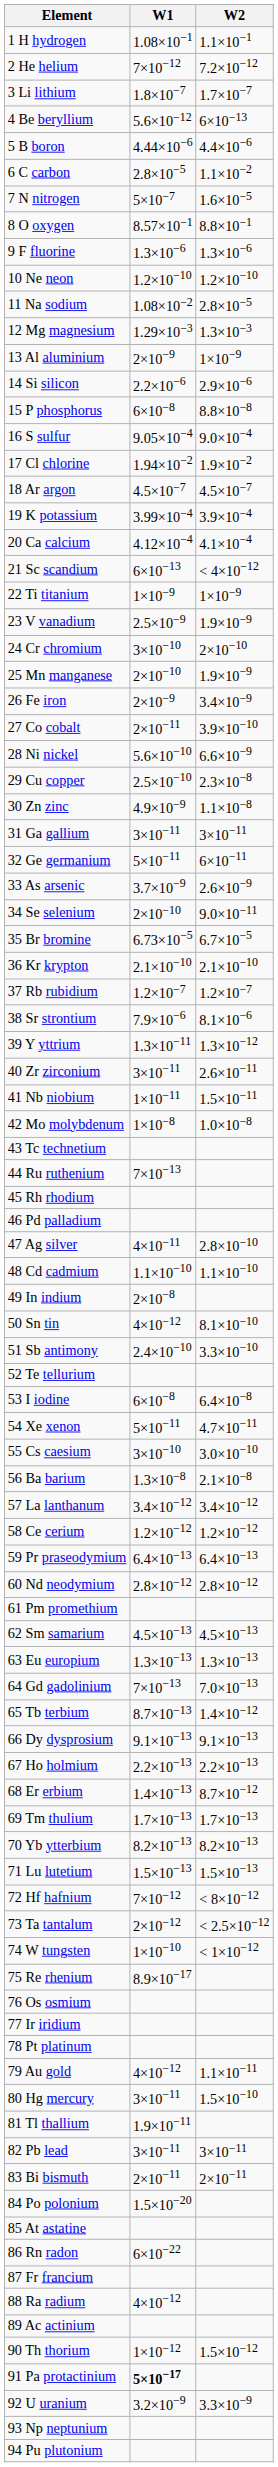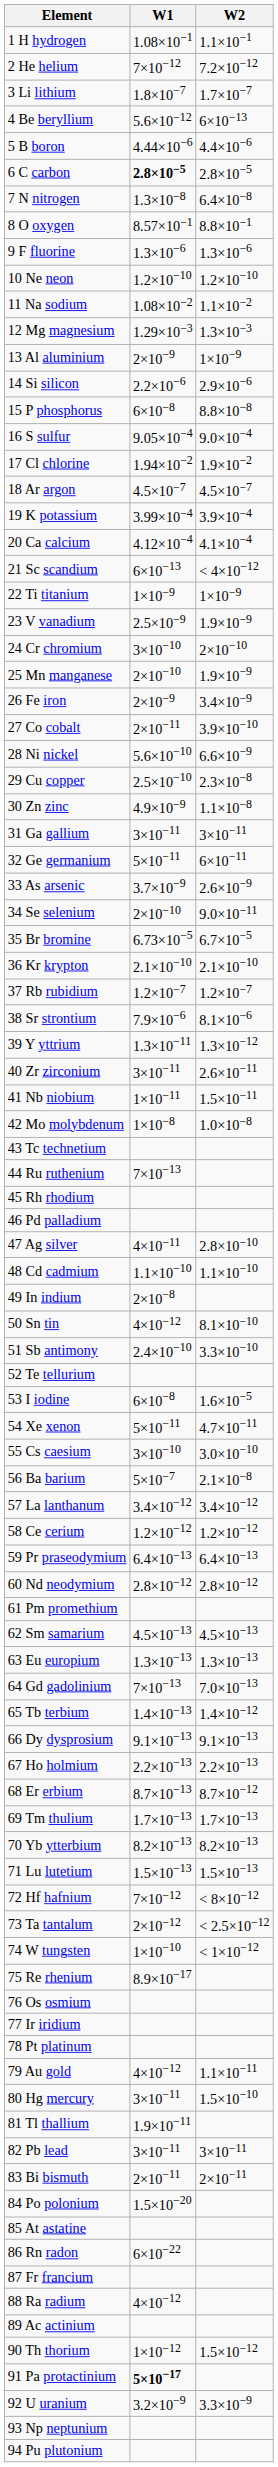 <table class="wikitable sortable" style="white-space:nowrap">
 <tr>
 <th>Element</th>
 <th data-sort-type="number">W1</th>
 <th data-sort-type="number">W2</th>
 </tr>
 <tr>
 <td> 1 H <a href='#'>hydrogen</a></td>
 <td>1.08×10<sup>−1</sup></td>
 <td>1.1×10<sup>−1</sup></td>
 </tr>
 <tr>
 <td> 2 He <a href='#'>helium</a></td>
 <td>7×10<sup>−12</sup></td>
 <td>7.2×10<sup>−12</sup></td>
 </tr>
 <tr>
 <td> 3 Li <a href='#'>lithium</a></td>
 <td>1.8×10<sup>−7</sup></td>
 <td>1.7×10<sup>−7</sup></td>
 </tr>
 <tr>
 <td> 4 Be <a href='#'>beryllium</a></td>
 <td>5.6×10<sup>−12</sup></td>
 <td>6×10<sup>−13</sup></td>
 </tr>
 <tr>
 <td> 5 B <a href='#'>boron</a></td>
 <td>4.44×10<sup>−6</sup></td>
 <td>4.4×10<sup>−6</sup></td>
 </tr>
 <tr>
 <td> 6 C <a href='#'>carbon</a></td>
+<td><strong>2.8×10<sup>−5</sup></strong></td>
 <td>2.8×10<sup>−5</sup></td>
-<td>1.1×10<sup>−2</sup></td>
 </tr>
 <tr>
 <td> 7 N <a href='#'>nitrogen</a></td>
-<td>5×10<sup>−7</sup></td>
-<td>1.6×10<sup>−5</sup></td>
+<td>1.3×10<sup>−8</sup></td>
+<td>6.4×10<sup>−8</sup></td>
 </tr>
 <tr>
 <td> 8 O <a href='#'>oxygen</a></td>
 <td>8.57×10<sup>−1</sup></td>
 <td>8.8×10<sup>−1</sup></td>
 </tr>
 <tr>
 <td> 9 F <a href='#'>fluorine</a></td>
 <td>1.3×10<sup>−6</sup></td>
 <td>1.3×10<sup>−6</sup></td>
 </tr>
 <tr>
 <td> 10 Ne <a href='#'>neon</a></td>
 <td>1.2×10<sup>−10</sup></td>
 <td>1.2×10<sup>−10</sup></td>
 </tr>
 <tr>
 <td> 11 Na <a href='#'>sodium</a></td>
 <td>1.08×10<sup>−2</sup></td>
-<td>2.8×10<sup>−5</sup></td>
+<td>1.1×10<sup>−2</sup></td>
 </tr>
 <tr>
 <td> 12 Mg <a href='#'>magnesium</a></td>
 <td>1.29×10<sup>−3</sup></td>
 <td>1.3×10<sup>−3</sup></td>
 </tr>
 <tr>
 <td> 13 Al <a href='#'>aluminium</a></td>
 <td>2×10<sup>−9</sup></td>
 <td>1×10<sup>−9</sup></td>
 </tr>
 <tr>
 <td> 14 Si <a href='#'>silicon</a></td>
 <td>2.2×10<sup>−6</sup></td>
 <td>2.9×10<sup>−6</sup></td>
 </tr>
 <tr>
 <td> 15 P <a href='#'>phosphorus</a></td>
 <td>6×10<sup>−8</sup></td>
 <td>8.8×10<sup>−8</sup></td>
 </tr>
 <tr>
 <td> 16 S <a href='#'>sulfur</a></td>
 <td>9.05×10<sup>−4</sup></td>
 <td>9.0×10<sup>−4</sup></td>
 </tr>
 <tr>
 <td> 17 Cl <a href='#'>chlorine</a></td>
 <td>1.94×10<sup>−2</sup></td>
 <td>1.9×10<sup>−2</sup></td>
 </tr>
 <tr>
 <td> 18 Ar <a href='#'>argon</a></td>
 <td>4.5×10<sup>−7</sup></td>
 <td>4.5×10<sup>−7</sup></td>
 </tr>
 <tr>
 <td> 19 K <a href='#'>potassium</a></td>
 <td>3.99×10<sup>−4</sup></td>
 <td>3.9×10<sup>−4</sup></td>
 </tr>
 <tr>
 <td> 20 Ca <a href='#'>calcium</a></td>
 <td>4.12×10<sup>−4</sup></td>
 <td>4.1×10<sup>−4</sup></td>
 </tr>
 <tr>
 <td> 21 Sc <a href='#'>scandium</a></td>
 <td>6×10<sup>−13</sup></td>
 <td>< 4×10<sup>−12</sup></td>
 </tr>
 <tr>
 <td> 22 Ti <a href='#'>titanium</a></td>
 <td>1×10<sup>−9</sup></td>
 <td>1×10<sup>−9</sup></td>
 </tr>
 <tr>
 <td> 23 V <a href='#'>vanadium</a></td>
 <td>2.5×10<sup>−9</sup></td>
 <td>1.9×10<sup>−9</sup></td>
 </tr>
 <tr>
 <td> 24 Cr <a href='#'>chromium</a></td>
 <td>3×10<sup>−10</sup></td>
 <td>2×10<sup>−10</sup></td>
 </tr>
 <tr>
 <td> 25 Mn <a href='#'>manganese</a></td>
 <td>2×10<sup>−10</sup></td>
 <td>1.9×10<sup>−9</sup></td>
 </tr>
 <tr>
 <td> 26 Fe <a href='#'>iron</a></td>
 <td>2×10<sup>−9</sup></td>
 <td>3.4×10<sup>−9</sup></td>
 </tr>
 <tr>
 <td> 27 Co <a href='#'>cobalt</a></td>
 <td>2×10<sup>−11</sup></td>
 <td>3.9×10<sup>−10</sup></td>
 </tr>
 <tr>
 <td> 28 Ni <a href='#'>nickel</a></td>
 <td>5.6×10<sup>−10</sup></td>
 <td>6.6×10<sup>−9</sup></td>
 </tr>
 <tr>
 <td> 29 Cu <a href='#'>copper</a></td>
 <td>2.5×10<sup>−10</sup></td>
 <td>2.3×10<sup>−8</sup></td>
 </tr>
 <tr>
 <td> 30 Zn <a href='#'>zinc</a></td>
 <td>4.9×10<sup>−9</sup></td>
 <td>1.1×10<sup>−8</sup></td>
 </tr>
 <tr>
 <td> 31 Ga <a href='#'>gallium</a></td>
 <td>3×10<sup>−11</sup></td>
 <td>3×10<sup>−11</sup></td>
 </tr>
 <tr>
 <td> 32 Ge <a href='#'>germanium</a></td>
 <td>5×10<sup>−11</sup></td>
 <td>6×10<sup>−11</sup></td>
 </tr>
 <tr>
 <td> 33 As <a href='#'>arsenic</a></td>
 <td>3.7×10<sup>−9</sup></td>
 <td>2.6×10<sup>−9</sup></td>
 </tr>
 <tr>
 <td> 34 Se <a href='#'>selenium</a></td>
 <td>2×10<sup>−10</sup></td>
 <td>9.0×10<sup>−11</sup></td>
 </tr>
 <tr>
 <td> 35 Br <a href='#'>bromine</a></td>
 <td>6.73×10<sup>−5</sup></td>
 <td>6.7×10<sup>−5</sup></td>
 </tr>
 <tr>
 <td> 36 Kr <a href='#'>krypton</a></td>
 <td>2.1×10<sup>−10</sup></td>
 <td>2.1×10<sup>−10</sup></td>
 </tr>
 <tr>
 <td> 37 Rb <a href='#'>rubidium</a></td>
 <td>1.2×10<sup>−7</sup></td>
 <td>1.2×10<sup>−7</sup></td>
 </tr>
 <tr>
 <td> 38 Sr <a href='#'>strontium</a></td>
 <td>7.9×10<sup>−6</sup></td>
 <td>8.1×10<sup>−6</sup></td>
 </tr>
 <tr>
 <td> 39 Y <a href='#'>yttrium</a></td>
 <td>1.3×10<sup>−11</sup></td>
 <td>1.3×10<sup>−12</sup></td>
 </tr>
 <tr>
 <td> 40 Zr <a href='#'>zirconium</a></td>
 <td>3×10<sup>−11</sup></td>
 <td>2.6×10<sup>−11</sup></td>
 </tr>
 <tr>
 <td> 41 Nb <a href='#'>niobium</a></td>
 <td>1×10<sup>−11</sup></td>
 <td>1.5×10<sup>−11</sup></td>
 </tr>
 <tr>
 <td> 42 Mo <a href='#'>molybdenum</a></td>
 <td>1×10<sup>−8</sup></td>
 <td>1.0×10<sup>−8</sup></td>
 </tr>
 <tr>
 <td> 43 Tc <a href='#'>technetium</a></td>
 <td></td>
 <td></td>
 </tr>
 <tr>
 <td> 44 Ru <a href='#'>ruthenium</a></td>
 <td>7×10<sup>−13</sup></td>
 <td></td>
 </tr>
 <tr>
 <td> 45 Rh <a href='#'>rhodium</a></td>
 <td></td>
 <td></td>
 </tr>
 <tr>
 <td> 46 Pd <a href='#'>palladium</a></td>
 <td></td>
 <td></td>
 </tr>
 <tr>
 <td> 47 Ag <a href='#'>silver</a></td>
 <td>4×10<sup>−11</sup></td>
 <td>2.8×10<sup>−10</sup></td>
 </tr>
 <tr>
 <td> 48 Cd <a href='#'>cadmium</a></td>
 <td>1.1×10<sup>−10</sup></td>
 <td>1.1×10<sup>−10</sup></td>
 </tr>
 <tr>
 <td> 49 In <a href='#'>indium</a></td>
 <td>2×10<sup>−8</sup></td>
 <td></td>
 </tr>
 <tr>
 <td> 50 Sn <a href='#'>tin</a></td>
 <td>4×10<sup>−12</sup></td>
 <td>8.1×10<sup>−10</sup></td>
 </tr>
 <tr>
 <td> 51 Sb <a href='#'>antimony</a></td>
 <td>2.4×10<sup>−10</sup></td>
 <td>3.3×10<sup>−10</sup></td>
 </tr>
 <tr>
 <td> 52 Te <a href='#'>tellurium</a></td>
 <td></td>
 <td></td>
 </tr>
 <tr>
 <td> 53 I <a href='#'>iodine</a></td>
 <td>6×10<sup>−8</sup></td>
-<td>6.4×10<sup>−8</sup></td>
+<td>1.6×10<sup>−5</sup></td>
 </tr>
 <tr>
 <td> 54 Xe <a href='#'>xenon</a></td>
 <td>5×10<sup>−11</sup></td>
 <td>4.7×10<sup>−11</sup></td>
 </tr>
 <tr>
 <td> 55 Cs <a href='#'>caesium</a></td>
 <td>3×10<sup>−10</sup></td>
 <td>3.0×10<sup>−10</sup></td>
 </tr>
 <tr>
 <td> 56 Ba <a href='#'>barium</a></td>
-<td>1.3×10<sup>−8</sup></td>
+<td>5×10<sup>−7</sup></td>
 <td>2.1×10<sup>−8</sup></td>
 </tr>
 <tr>
 <td> 57 La <a href='#'>lanthanum</a></td>
 <td>3.4×10<sup>−12</sup></td>
 <td>3.4×10<sup>−12</sup></td>
 </tr>
 <tr>
 <td> 58 Ce <a href='#'>cerium</a></td>
 <td>1.2×10<sup>−12</sup></td>
 <td>1.2×10<sup>−12</sup></td>
 </tr>
 <tr>
 <td> 59 Pr <a href='#'>praseodymium</a></td>
 <td>6.4×10<sup>−13</sup></td>
 <td>6.4×10<sup>−13</sup></td>
 </tr>
 <tr>
 <td> 60 Nd <a href='#'>neodymium</a></td>
 <td>2.8×10<sup>−12</sup></td>
 <td>2.8×10<sup>−12</sup></td>
 </tr>
 <tr>
 <td> 61 Pm <a href='#'>promethium</a></td>
 <td></td>
 <td></td>
 </tr>
 <tr>
 <td> 62 Sm <a href='#'>samarium</a></td>
 <td>4.5×10<sup>−13</sup></td>
 <td>4.5×10<sup>−13</sup></td>
 </tr>
 <tr>
 <td> 63 Eu <a href='#'>europium</a></td>
 <td>1.3×10<sup>−13</sup></td>
 <td>1.3×10<sup>−13</sup></td>
 </tr>
 <tr>
 <td> 64 Gd <a href='#'>gadolinium</a></td>
 <td>7×10<sup>−13</sup></td>
 <td>7.0×10<sup>−13</sup></td>
 </tr>
 <tr>
 <td> 65 Tb <a href='#'>terbium</a></td>
-<td>8.7×10<sup>−13</sup></td>
+<td>1.4×10<sup>−13</sup></td>
 <td>1.4×10<sup>−12</sup></td>
 </tr>
 <tr>
 <td> 66 Dy <a href='#'>dysprosium</a></td>
 <td>9.1×10<sup>−13</sup></td>
 <td>9.1×10<sup>−13</sup></td>
 </tr>
 <tr>
 <td> 67 Ho <a href='#'>holmium</a></td>
 <td>2.2×10<sup>−13</sup></td>
 <td>2.2×10<sup>−13</sup></td>
 </tr>
 <tr>
 <td> 68 Er <a href='#'>erbium</a></td>
-<td>1.4×10<sup>−13</sup></td>
+<td>8.7×10<sup>−13</sup></td>
 <td>8.7×10<sup>−12</sup></td>
 </tr>
 <tr>
 <td> 69 Tm <a href='#'>thulium</a></td>
 <td>1.7×10<sup>−13</sup></td>
 <td>1.7×10<sup>−13</sup></td>
 </tr>
 <tr>
 <td> 70 Yb <a href='#'>ytterbium</a></td>
 <td>8.2×10<sup>−13</sup></td>
 <td>8.2×10<sup>−13</sup></td>
 </tr>
 <tr>
 <td> 71 Lu <a href='#'>lutetium</a></td>
 <td>1.5×10<sup>−13</sup></td>
 <td>1.5×10<sup>−13</sup></td>
 </tr>
 <tr>
 <td> 72 Hf <a href='#'>hafnium</a></td>
 <td>7×10<sup>−12</sup></td>
 <td>< 8×10<sup>−12</sup></td>
 </tr>
 <tr>
 <td> 73 Ta <a href='#'>tantalum</a></td>
 <td>2×10<sup>−12</sup></td>
 <td>< 2.5×10<sup>−12</sup></td>
 </tr>
 <tr>
 <td> 74 W <a href='#'>tungsten</a></td>
 <td>1×10<sup>−10</sup></td>
 <td>< 1×10<sup>−12</sup></td>
 </tr>
 <tr>
 <td> 75 Re <a href='#'>rhenium</a></td>
 <td>8.9×10<sup>−17</sup></td>
 <td></td>
 </tr>
 <tr>
 <td> 76 Os <a href='#'>osmium</a></td>
 <td></td>
 <td></td>
 </tr>
 <tr>
 <td> 77 Ir <a href='#'>iridium</a></td>
 <td></td>
 <td></td>
 </tr>
 <tr>
 <td> 78 Pt <a href='#'>platinum</a></td>
 <td></td>
 <td></td>
 </tr>
 <tr>
 <td> 79 Au <a href='#'>gold</a></td>
 <td>4×10<sup>−12</sup></td>
 <td>1.1×10<sup>−11</sup></td>
 </tr>
 <tr>
 <td> 80 Hg <a href='#'>mercury</a></td>
 <td>3×10<sup>−11</sup></td>
 <td>1.5×10<sup>−10</sup></td>
 </tr>
 <tr>
 <td> 81 Tl <a href='#'>thallium</a></td>
 <td>1.9×10<sup>−11</sup></td>
 <td></td>
 </tr>
 <tr>
 <td> 82 Pb <a href='#'>lead</a></td>
 <td>3×10<sup>−11</sup></td>
 <td>3×10<sup>−11</sup></td>
 </tr>
 <tr>
 <td> 83 Bi <a href='#'>bismuth</a></td>
 <td>2×10<sup>−11</sup></td>
 <td>2×10<sup>−11</sup></td>
 </tr>
 <tr>
 <td> 84 Po <a href='#'>polonium</a></td>
 <td>1.5×10<sup>−20</sup></td>
 <td></td>
 </tr>
 <tr>
 <td> 85 At <a href='#'>astatine</a></td>
 <td></td>
 <td></td>
 </tr>
 <tr>
 <td> 86 Rn <a href='#'>radon</a></td>
 <td>6×10<sup>−22</sup></td>
 <td></td>
 </tr>
 <tr>
 <td> 87 Fr <a href='#'>francium</a></td>
 <td></td>
 <td></td>
 </tr>
 <tr>
 <td> 88 Ra <a href='#'>radium</a></td>
 <td>4×10<sup>−12</sup></td>
 <td></td>
 </tr>
 <tr>
 <td> 89 Ac <a href='#'>actinium</a></td>
 <td></td>
 <td></td>
 </tr>
 <tr>
 <td> 90 Th <a href='#'>thorium</a></td>
 <td>1×10<sup>−12</sup></td>
 <td>1.5×10<sup>−12</sup></td>
 </tr>
 <tr>
 <td> 91 Pa <a href='#'>protactinium</a></td>
 <td><strong>5×10<sup>−17</sup></strong></td>
 <td></td>
 </tr>
 <tr>
 <td> 92 U <a href='#'>uranium</a></td>
 <td>3.2×10<sup>−9</sup></td>
 <td>3.3×10<sup>−9</sup></td>
 </tr>
 <tr>
 <td> 93 Np <a href='#'>neptunium</a></td>
 <td></td>
 <td></td>
 </tr>
 <tr>
 <td> 94 Pu <a href='#'>plutonium</a></td>
 <td></td>
 <td></td>
 </tr>
 </table>
